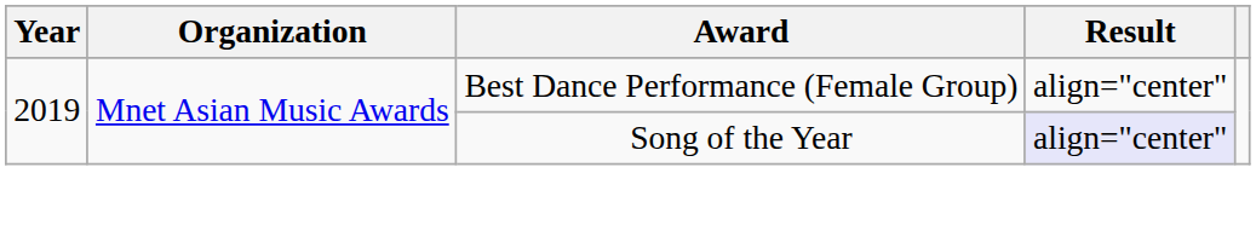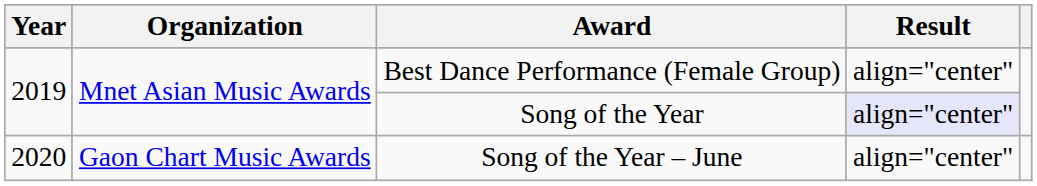 <table class="wikitable sortable plainrowheaders" style="text-align:center">
 <tr>
 <th scope="col">Year</th>
 <th scope="col">Organization</th>
 <th scope="col">Award</th>
 <th scope="col">Result</th>
 <th class="unsortable"></th>
 </tr>
 <tr>
 <td align="center" rowspan="2">2019</td>
 <td align="center" rowspan="2"><a href='#'>Mnet Asian Music Awards</a></td>
 <td align="center">Best Dance Performance (Female Group)</td>
 <td>align="center" </td>
 <td rowspan="2"></td>
 </tr>
 <tr>
 <td align="center">Song of the Year</td>
 <td style="background: lavender;">align="center" </td>
 </tr>
+<tr>
+<td align="center">2020</td>
+<td align="center"><a href='#'>Gaon Chart Music Awards</a></td>
+<td align="center">Song of the Year – June</td>
+<td>align="center" </td>
+<td></td>
+</tr>
 </table>
